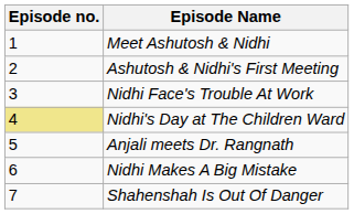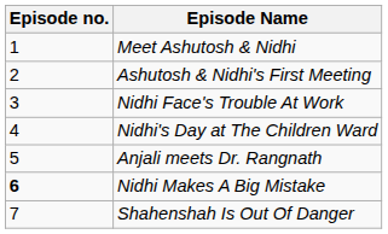 <table class="wikitable">
 <tr>
 <th>Episode no.</th>
 <th>Episode Name</th>
 </tr>
 <tr>
 <td>1</td>
 <td><em>Meet Ashutosh & Nidhi</em></td>
 </tr>
 <tr>
 <td>2</td>
 <td><em>Ashutosh & Nidhi's First Meeting</em></td>
 </tr>
 <tr>
 <td>3</td>
 <td><em>Nidhi Face's Trouble At Work</em></td>
 </tr>
 <tr>
-<td style="background: khaki;">4</td>
+<td>4</td>
 <td><em>Nidhi's Day at The Children Ward</em></td>
 </tr>
 <tr>
 <td>5</td>
 <td><em>Anjali meets Dr. Rangnath</em></td>
 </tr>
 <tr>
-<td>6</td>
+<td><strong>6</strong></td>
 <td><em>Nidhi Makes A Big Mistake</em></td>
 </tr>
 <tr>
 <td>7</td>
 <td><em>Shahenshah Is Out Of Danger</em></td>
 </tr>
 </table>
